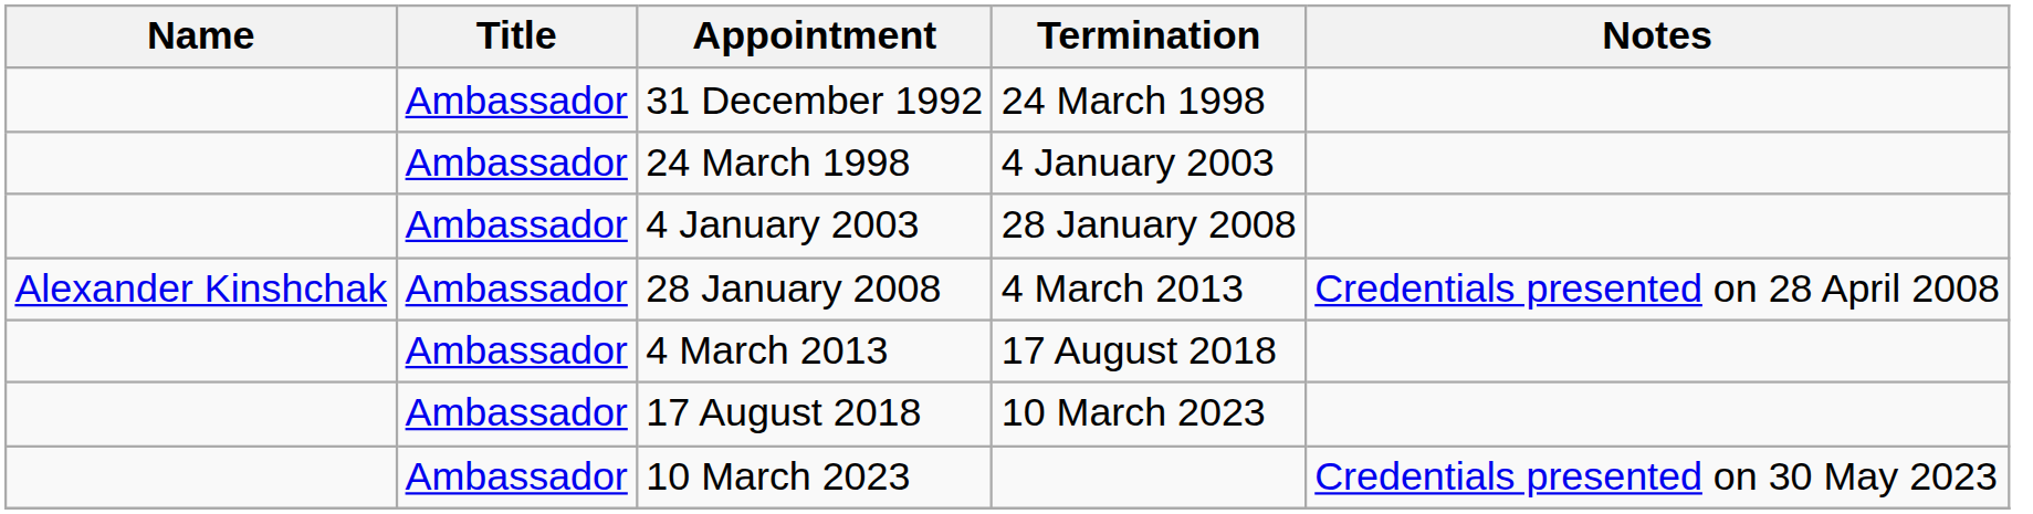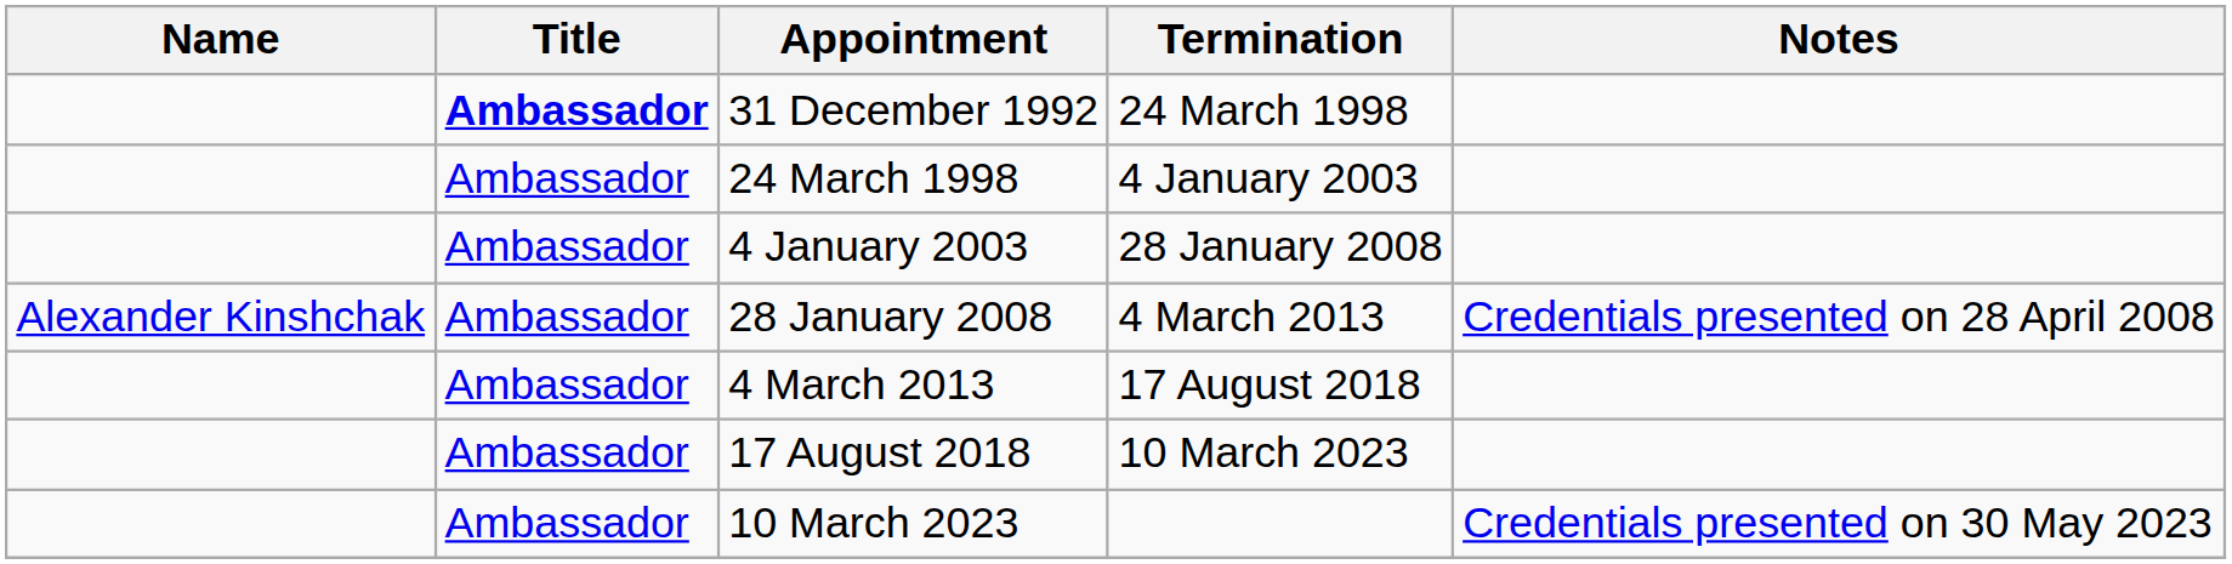 <table class="wikitable">
 <tr valign="middle">
 <th>Name</th>
 <th>Title</th>
 <th>Appointment</th>
 <th>Termination</th>
 <th>Notes</th>
 </tr>
 <tr>
 <td></td>
-<td><a href='#'>Ambassador</a></td>
+<td><strong><a href='#'>Ambassador</a></strong></td>
 <td>31 December 1992</td>
 <td>24 March 1998</td>
 <td></td>
 </tr>
 <tr>
 <td></td>
 <td><a href='#'>Ambassador</a></td>
 <td>24 March 1998</td>
 <td>4 January 2003</td>
 <td></td>
 </tr>
 <tr>
 <td></td>
 <td><a href='#'>Ambassador</a></td>
 <td>4 January 2003</td>
 <td>28 January 2008</td>
 <td></td>
 </tr>
 <tr>
 <td><a href='#'>Alexander Kinshchak</a></td>
 <td><a href='#'>Ambassador</a></td>
 <td>28 January 2008</td>
 <td>4 March 2013</td>
 <td><a href='#'>Credentials presented</a> on 28 April 2008</td>
 </tr>
 <tr>
 <td></td>
 <td><a href='#'>Ambassador</a></td>
 <td>4 March 2013</td>
 <td>17 August 2018</td>
 <td></td>
 </tr>
 <tr>
 <td></td>
 <td><a href='#'>Ambassador</a></td>
 <td>17 August 2018</td>
 <td>10 March 2023</td>
 <td></td>
 </tr>
 <tr>
 <td></td>
 <td><a href='#'>Ambassador</a></td>
 <td>10 March 2023</td>
 <td></td>
 <td><a href='#'>Credentials presented</a> on 30 May 2023</td>
 </tr>
 <tr>
 </tr>
 </table>
